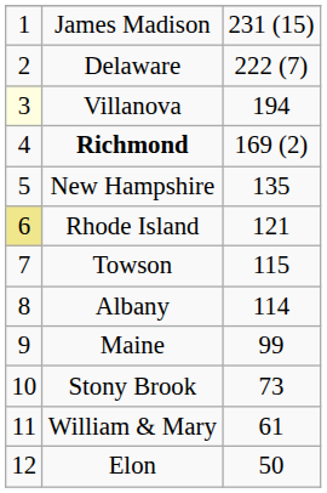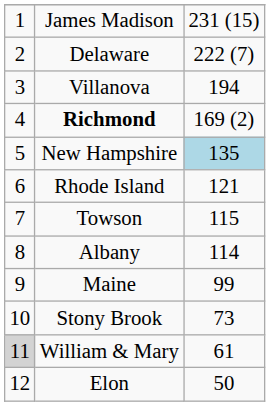 <table class="wikitable">
 <tr align="center">
 </tr>
 <tr align="center">
 <td>1</td>
 <td>James Madison</td>
 <td>231 (15)</td>
 </tr>
 <tr align="center">
 <td>2</td>
 <td>Delaware</td>
 <td>222 (7)</td>
 </tr>
 <tr align="center">
-<td style="background: lightyellow;">3</td>
+<td>3</td>
 <td>Villanova</td>
 <td>194</td>
 </tr>
 <tr align="center">
 <td>4</td>
 <td><strong>Richmond</strong></td>
 <td>169 (2)</td>
 </tr>
 <tr align="center">
 <td>5</td>
 <td>New Hampshire</td>
-<td>135</td>
+<td style="background: lightblue;">135</td>
 </tr>
 <tr align="center">
-<td style="background: khaki;">6</td>
+<td>6</td>
 <td>Rhode Island</td>
 <td>121</td>
 </tr>
 <tr align="center">
 <td>7</td>
 <td>Towson</td>
 <td>115</td>
 </tr>
 <tr align="center">
 <td>8</td>
 <td>Albany</td>
 <td>114</td>
 </tr>
 <tr align="center">
 <td>9</td>
 <td>Maine</td>
 <td>99</td>
 </tr>
 <tr align="center">
 <td>10</td>
 <td>Stony Brook</td>
 <td>73</td>
 </tr>
 <tr align="center">
-<td>11</td>
+<td style="background: lightgrey;">11</td>
 <td>William & Mary</td>
 <td>61</td>
 </tr>
 <tr align="center">
 <td>12</td>
 <td>Elon</td>
 <td>50</td>
 </tr>
 </table>
